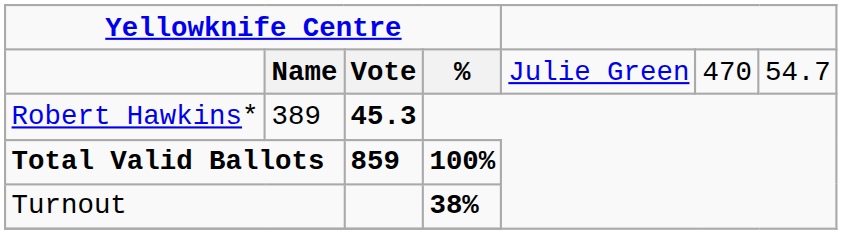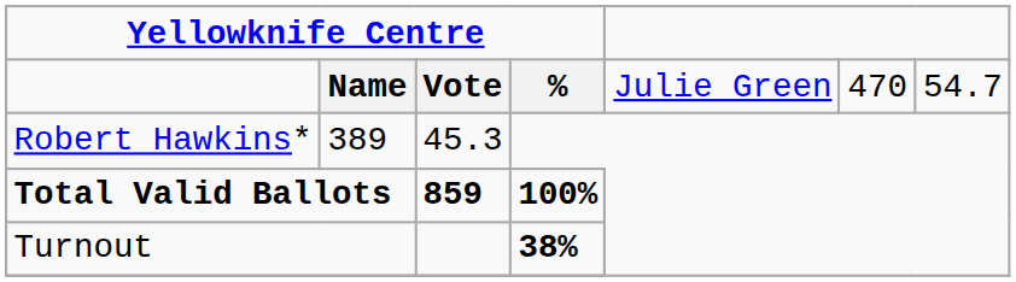 <table class="wikitable">
 <tr>
 <td colspan=4 align=center><strong><a href='#'>Yellowknife Centre</a></strong></td>
 </tr>
 <tr>
 <td></td>
 <th><strong>Name </strong></th>
 <th><strong>Vote</strong></th>
 <th><strong>%</strong><br></th>
 <td><a href='#'>Julie Green</a></td>
 <td>470</td>
 <td>54.7</td>
 </tr>
 <tr>
 <td><a href='#'>Robert Hawkins</a>*</td>
 <td>389</td>
-<td><strong>45.3</strong></td>
+<td>45.3</td>
 </tr>
 <tr>
 <td colspan=2><strong>Total Valid Ballots</strong></td>
 <td><strong>859</strong></td>
 <td><strong>100%</strong></td>
 </tr>
 <tr>
 <td colspan=2>Turnout</td>
 <td></td>
 <td><strong>38%</strong></td>
 </tr>
 <tr>
 </tr>
 </table>
